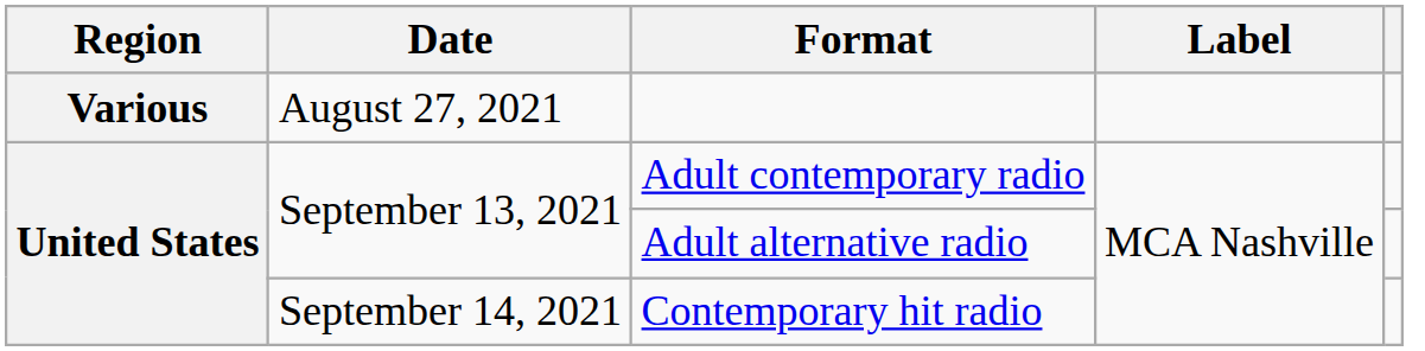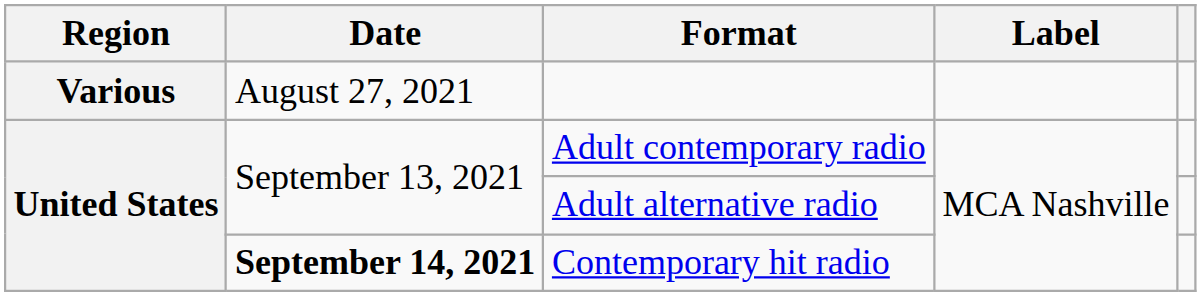 <table class="wikitable plainrowheaders">
 <tr>
 <th scope="col">Region</th>
 <th scope="col">Date</th>
 <th scope="col">Format</th>
 <th scope="col">Label</th>
 <th scope="col"></th>
 </tr>
 <tr>
 <th scope="row">Various</th>
 <td>August 27, 2021</td>
 <td></td>
 <td></td>
 <td></td>
 </tr>
 <tr>
 <th scope="row" rowspan="3">United States</th>
 <td rowspan="2">September 13, 2021</td>
 <td><a href='#'>Adult contemporary radio</a></td>
 <td rowspan="3">MCA Nashville</td>
 <td></td>
 </tr>
 <tr>
 <td><a href='#'>Adult alternative radio</a></td>
 <td></td>
 </tr>
 <tr>
-<td>September 14, 2021</td>
+<td><strong>September 14, 2021</strong></td>
 <td><a href='#'>Contemporary hit radio</a></td>
 <td></td>
 </tr>
 </table>
